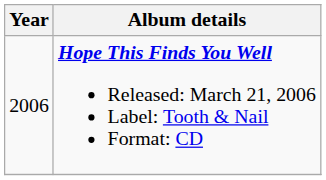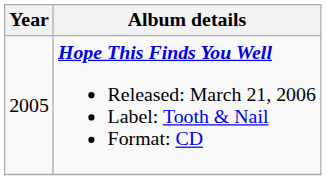 <table class ="wikitable">
 <tr>
 <th>Year</th>
 <th>Album details</th>
 </tr>
 <tr>
-<td>2006</td>
+<td>2005</td>
 <td><strong><em><a href='#'>Hope This Finds You Well</a></em></strong><br><ul><li>Released: March 21, 2006</li><li>Label: <a href='#'>Tooth & Nail</a></li><li>Format: <a href='#'>CD</a></li></ul></td>
 </tr>
 <tr>
 </tr>
 </table>
